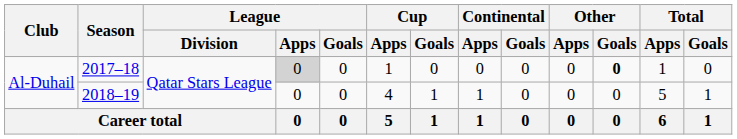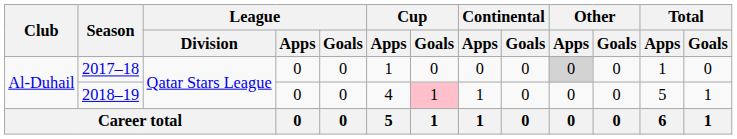 <table class="wikitable" style="text-align: center">
 <tr>
 <th rowspan="2">Club</th>
 <th rowspan="2">Season</th>
 <th colspan="3">League</th>
 <th colspan="2">Cup</th>
 <th colspan="2">Continental</th>
 <th colspan="2">Other</th>
 <th colspan="2">Total</th>
 </tr>
 <tr>
 <th>Division</th>
 <th>Apps</th>
 <th>Goals</th>
 <th>Apps</th>
 <th>Goals</th>
 <th>Apps</th>
 <th>Goals</th>
 <th>Apps</th>
 <th>Goals</th>
 <th>Apps</th>
 <th>Goals</th>
 </tr>
 <tr>
 <td rowspan="2"><a href='#'>Al-Duhail</a></td>
 <td><a href='#'>2017–18</a></td>
 <td rowspan="2"><a href='#'>Qatar Stars League</a></td>
-<td style="background: lightgrey;">0</td>
+<td>0</td>
 <td>0</td>
 <td>1</td>
 <td>0</td>
 <td>0</td>
 <td>0</td>
+<td style="background: lightgrey;">0</td>
 <td>0</td>
-<td><strong>0</strong></td>
 <td>1</td>
 <td>0</td>
 </tr>
 <tr>
 <td><a href='#'>2018–19</a></td>
 <td>0</td>
 <td>0</td>
 <td>4</td>
-<td>1</td>
+<td style="background: pink;">1</td>
 <td>1</td>
 <td>0</td>
 <td>0</td>
 <td>0</td>
 <td>5</td>
 <td>1</td>
 </tr>
 <tr>
 <th colspan=3>Career total</th>
 <th>0</th>
 <th>0</th>
 <th>5</th>
 <th>1</th>
 <th>1</th>
 <th>0</th>
 <th>0</th>
 <th>0</th>
 <th>6</th>
 <th>1</th>
 </tr>
 </table>
